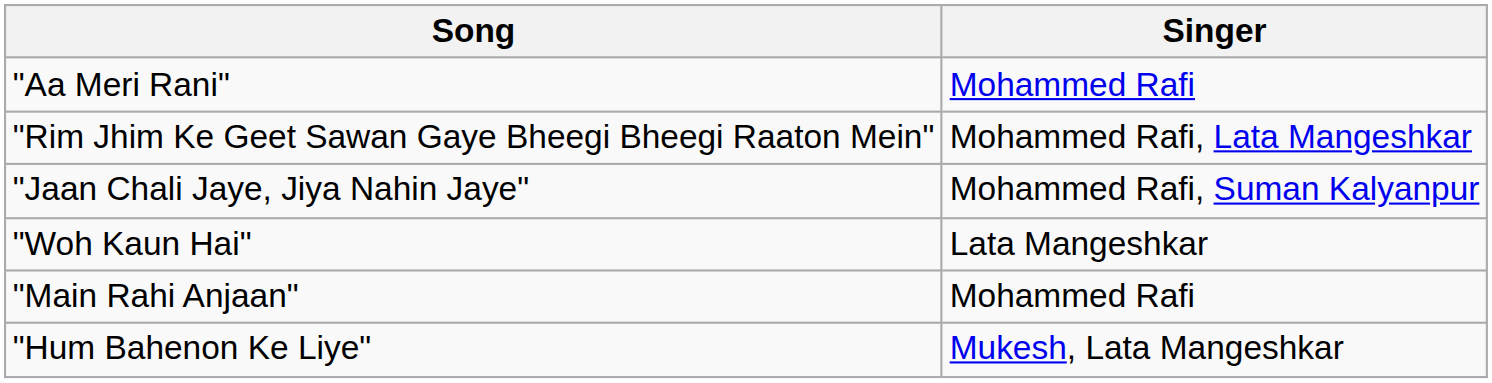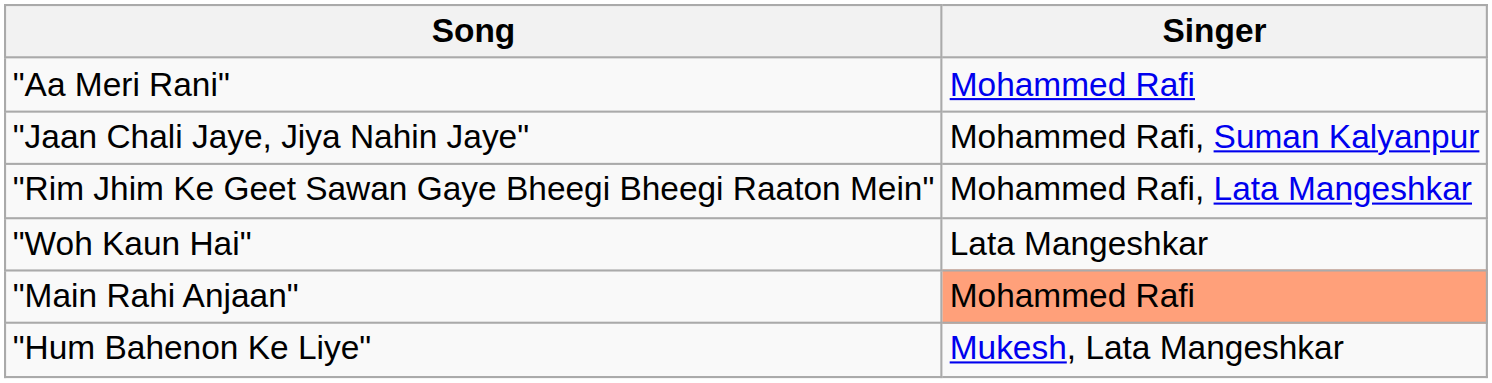 <table class="wikitable">
 <tr>
 <th>Song</th>
 <th>Singer</th>
 </tr>
 <tr>
 <td>"Aa Meri Rani"</td>
 <td><a href='#'>Mohammed Rafi</a></td>
 </tr>
 <tr>
+<td>"Jaan Chali Jaye, Jiya Nahin Jaye"</td>
+<td>Mohammed Rafi, <a href='#'>Suman Kalyanpur</a></td>
+</tr>
+<tr>
 <td>"Rim Jhim Ke Geet Sawan Gaye Bheegi Bheegi Raaton Mein"</td>
 <td>Mohammed Rafi, <a href='#'>Lata Mangeshkar</a></td>
-</tr>
-<tr>
-<td>"Jaan Chali Jaye, Jiya Nahin Jaye"</td>
-<td>Mohammed Rafi, <a href='#'>Suman Kalyanpur</a></td>
 </tr>
 <tr>
 <td>"Woh Kaun Hai"</td>
 <td>Lata Mangeshkar</td>
 </tr>
 <tr>
 <td>"Main Rahi Anjaan"</td>
-<td>Mohammed Rafi</td>
+<td style="background: lightsalmon;">Mohammed Rafi</td>
 </tr>
 <tr>
 <td>"Hum Bahenon Ke Liye"</td>
 <td><a href='#'>Mukesh</a>, Lata Mangeshkar</td>
 </tr>
 </table>
